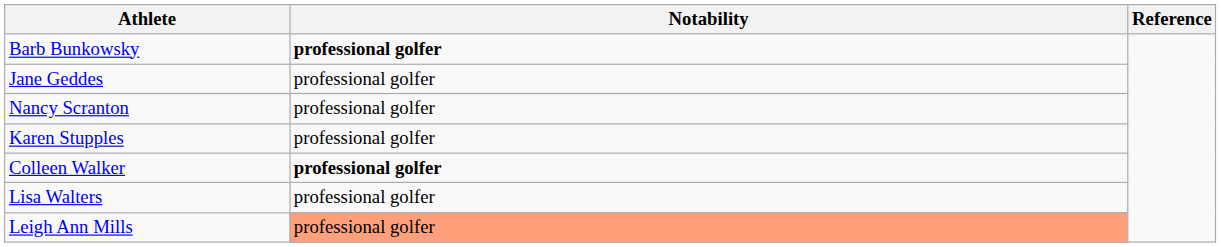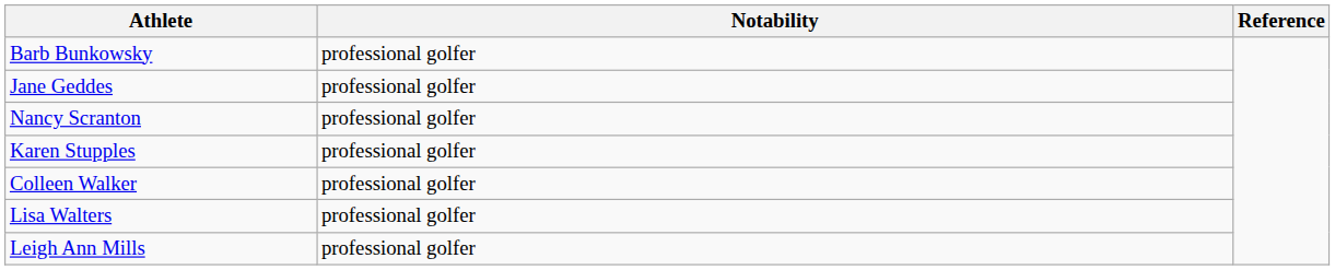 <table class="wikitable" style="width:82%">
 <tr valign="top">
 <th style="width:25%;">Athlete</th>
 <th style="width:75%;">Notability</th>
 <th style="width:*;" class="unsortable">Reference</th>
 </tr>
 <tr valign="top">
 <td><a href='#'>Barb Bunkowsky</a></td>
-<td><strong>professional golfer</strong></td>
+<td>professional golfer</td>
 </tr>
 <tr valign="top">
 <td><a href='#'>Jane Geddes</a></td>
 <td>professional golfer</td>
 </tr>
 <tr valign="top">
 <td><a href='#'>Nancy Scranton</a></td>
 <td>professional golfer</td>
 </tr>
 <tr valign="top">
 <td><a href='#'>Karen Stupples</a></td>
 <td>professional golfer</td>
 </tr>
 <tr valign="top">
 <td><a href='#'>Colleen Walker</a></td>
-<td><strong>professional golfer</strong></td>
+<td>professional golfer</td>
 </tr>
 <tr valign="top">
 <td><a href='#'>Lisa Walters</a></td>
 <td>professional golfer</td>
 </tr>
 <tr valign="top">
 <td><a href='#'>Leigh Ann Mills</a></td>
-<td style="background: lightsalmon;">professional golfer</td>
+<td>professional golfer</td>
 </tr>
 </table>
